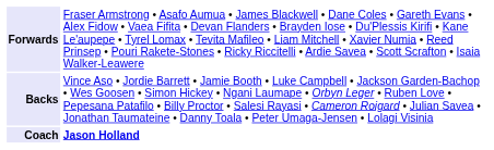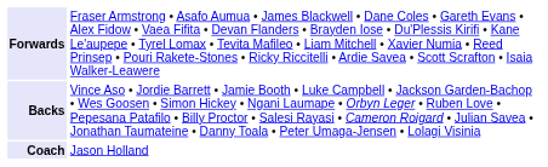 <table cellpadding="2" style="border:1px solid white;font-size:90%">
 <tr>
 <td style="text-align:right;background:lavender"><strong>Forwards</strong></td>
 <td style="text-align:left"><a href='#'>Fraser Armstrong</a> • <a href='#'>Asafo Aumua</a> • <a href='#'>James Blackwell</a> • <a href='#'>Dane Coles</a> • <a href='#'>Gareth Evans</a> • <a href='#'>Alex Fidow</a> • <a href='#'>Vaea Fifita</a> • <a href='#'>Devan Flanders</a> • <a href='#'>Brayden Iose</a> • <a href='#'>Du'Plessis Kirifi</a> • <a href='#'>Kane Le'aupepe</a> • <a href='#'>Tyrel Lomax</a> • <a href='#'>Tevita Mafileo</a> • <a href='#'>Liam Mitchell</a> • <a href='#'>Xavier Numia</a> • <a href='#'>Reed Prinsep</a> • <a href='#'>Pouri Rakete-Stones</a> • <a href='#'>Ricky Riccitelli</a> • <a href='#'>Ardie Savea</a> • <a href='#'>Scott Scrafton</a> • <a href='#'>Isaia Walker-Leawere</a></td>
 </tr>
 <tr>
 <td style="text-align:right;background:lavender"><strong>Backs</strong></td>
 <td style="text-align:left"><a href='#'>Vince Aso</a> • <a href='#'>Jordie Barrett</a> • <a href='#'>Jamie Booth</a> • <a href='#'>Luke Campbell</a> • <a href='#'>Jackson Garden-Bachop</a> • <a href='#'>Wes Goosen</a> • <a href='#'>Simon Hickey</a> • <a href='#'>Ngani Laumape</a> • <em><a href='#'>Orbyn Leger</a></em> • <a href='#'>Ruben Love</a> • <a href='#'>Pepesana Patafilo</a> • <a href='#'>Billy Proctor</a> • <a href='#'>Salesi Rayasi</a> • <em><a href='#'>Cameron Roigard</a></em> • <a href='#'>Julian Savea</a> • <a href='#'>Jonathan Taumateine</a> • <a href='#'>Danny Toala</a> • <a href='#'>Peter Umaga-Jensen</a> • <a href='#'>Lolagi Visinia</a></td>
 </tr>
 <tr>
 <td style="text-align:right;background:lavender"><strong>Coach</strong></td>
-<td style="text-align:left"><strong><a href='#'>Jason Holland</a></strong></td>
+<td style="text-align:left"><a href='#'>Jason Holland</a></td>
 </tr>
 </table>
